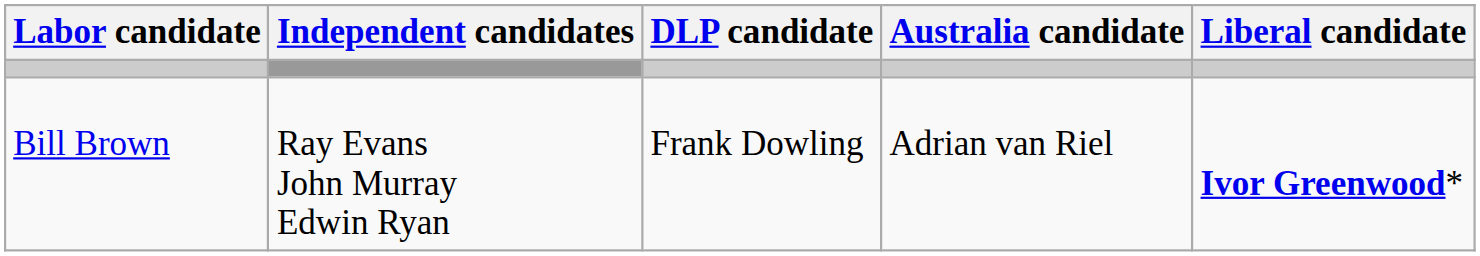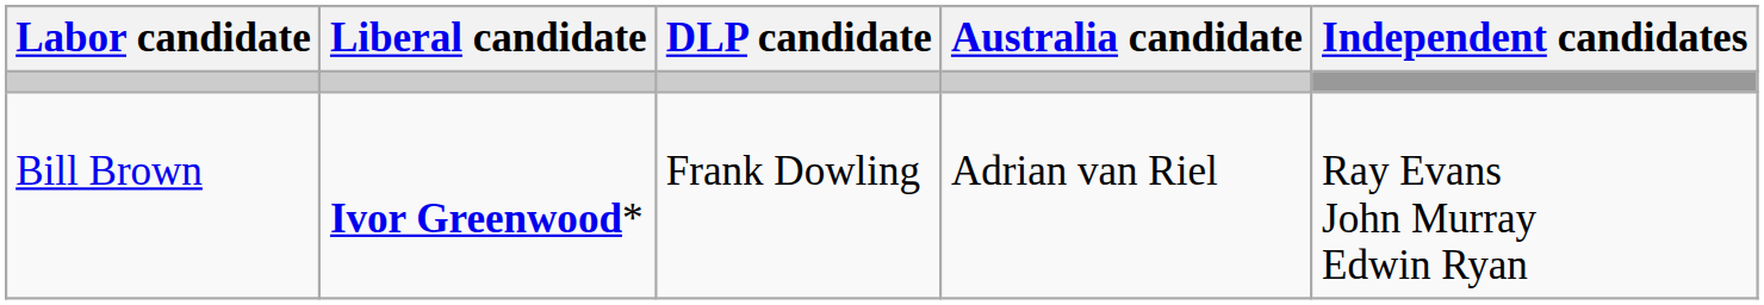 <table class="wikitable">
 <tr>
 <th><a href='#'>Labor</a> candidate</th>
-<th><a href='#'>Independent</a> candidates</th>
+<th><a href='#'>Liberal</a> candidate</th>
 <th><a href='#'>DLP</a> candidate</th>
 <th><a href='#'>Australia</a> candidate</th>
-<th><a href='#'>Liberal</a> candidate</th>
+<th><a href='#'>Independent</a> candidates</th>
 </tr>
 <tr bgcolor="#cccccc">
 <td></td>
-<td bgcolor="#999999"></td>
 <td></td>
 <td></td>
 <td></td>
+<td bgcolor="#999999"></td>
 </tr>
 <tr>
 <td valign=top><br><a href='#'>Bill Brown</a></td>
-<td valign=top><br>Ray Evans<br> John Murray<br> Edwin Ryan</td>
+<td><br><strong><a href='#'>Ivor Greenwood</a></strong>*</td>
 <td valign=top><br>Frank Dowling</td>
 <td valign=top><br>Adrian van Riel</td>
-<td><br><strong><a href='#'>Ivor Greenwood</a></strong>*</td>
+<td valign=top><br>Ray Evans<br> John Murray<br> Edwin Ryan</td>
 </tr>
 </table>
